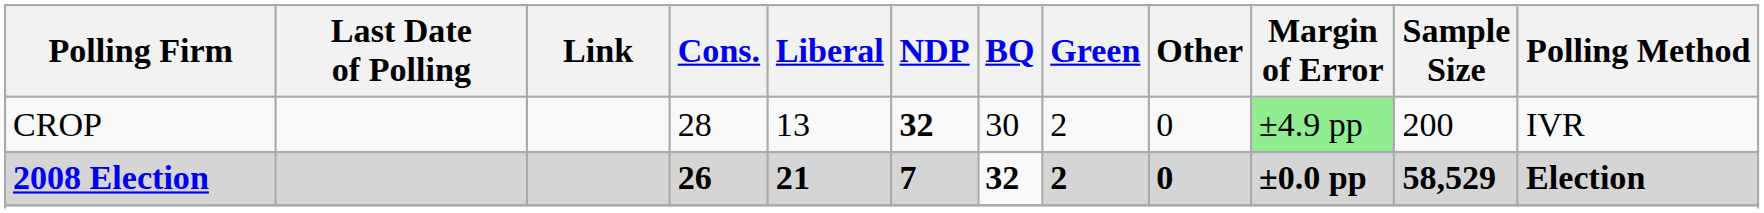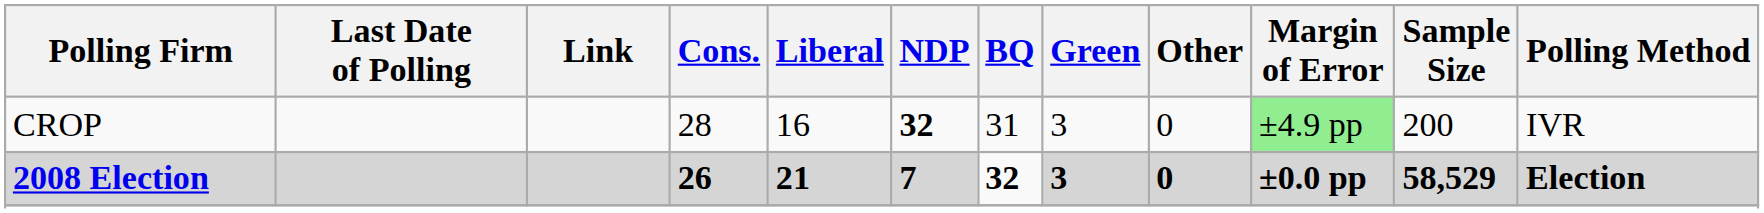 <table class="wikitable sortable">
 <tr style="background:#e9e9e9;">
 <th style="width:120px">Polling Firm</th>
 <th style="width:110px">Last Date<br>of Polling</th>
 <th style="width:60px" class="unsortable">Link</th>
 <th style="background-color:"><strong><a href='#'>Cons.</a></strong></th>
 <th style="background-color:"><strong><a href='#'>Liberal</a></strong></th>
 <th style="background-color:"><strong><a href='#'>NDP</a></strong></th>
 <th style="background-color:"><strong><a href='#'>BQ</a></strong></th>
 <th style="background-color:"><strong><a href='#'>Green</a></strong></th>
 <th style="background-color:"><strong>Other</strong></th>
 <th style="width:60px;" class=unsortable>Margin<br>of Error</th>
 <th style="width:50px;" class=unsortable>Sample<br>Size</th>
 <th class=unsortable>Polling Method</th>
 </tr>
 <tr>
 <td>CROP</td>
 <td></td>
 <td></td>
 <td>28</td>
-<td>13</td>
+<td>16</td>
 <td><strong>32</strong></td>
-<td>30</td>
-<td>2</td>
+<td>31</td>
+<td>3</td>
 <td>0</td>
 <td style="background: lightgreen;">±4.9 pp</td>
 <td>200</td>
 <td>IVR</td>
 </tr>
 <tr>
 <td style="background:#D5D5D5"><strong><a href='#'>2008 Election</a></strong></td>
 <td style="background:#D5D5D5"><strong></strong></td>
 <td style="background:#D5D5D5"></td>
 <td style="background:#D5D5D5"><strong>26</strong></td>
 <td style="background:#D5D5D5"><strong>21</strong></td>
 <td style="background:#D5D5D5"><strong>7</strong></td>
 <td><strong>32</strong></td>
-<td style="background:#D5D5D5"><strong>2</strong></td>
+<td style="background:#D5D5D5"><strong>3</strong></td>
 <td style="background:#D5D5D5"><strong>0</strong></td>
 <td style="background:#D5D5D5"><strong>±0.0 pp</strong></td>
 <td style="background:#D5D5D5"><strong>58,529</strong></td>
 <td style="background:#D5D5D5"><strong>Election</strong></td>
 </tr>
 <tr>
 </tr>
 <tr>
 </tr>
 </table>
